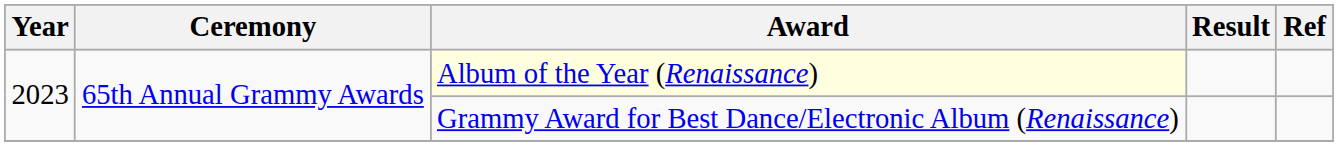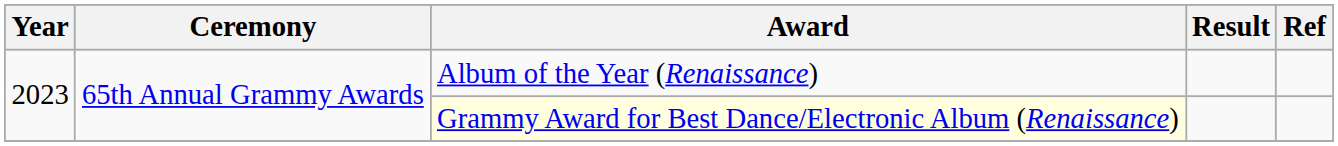 <table class="wikitable">
 <tr style="background:#ccc; text-align:center;">
 <th scope="col">Year</th>
 <th scope="col">Ceremony</th>
 <th scope="col">Award</th>
 <th scope="col">Result</th>
 <th>Ref</th>
 </tr>
 <tr>
 <td rowspan="2">2023</td>
 <td rowspan="2"><a href='#'>65th Annual Grammy Awards</a></td>
-<td style="background: lightyellow;"><a href='#'>Album of the Year</a> (<em><a href='#'>Renaissance</a></em>)</td>
+<td><a href='#'>Album of the Year</a> (<em><a href='#'>Renaissance</a></em>)</td>
 <td></td>
 <td style="text-align:center;"></td>
 </tr>
 <tr>
-<td><a href='#'>Grammy Award for Best Dance/Electronic Album</a> (<em><a href='#'>Renaissance</a></em>) </td>
+<td style="background: lightyellow;"><a href='#'>Grammy Award for Best Dance/Electronic Album</a> (<em><a href='#'>Renaissance</a></em>) </td>
 <td></td>
 <td style="text-align:center;"></td>
 </tr>
 <tr>
 </tr>
 </table>
